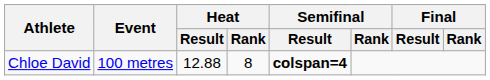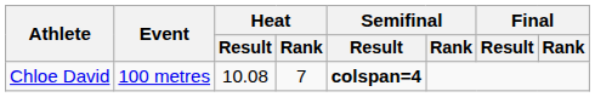 <table class="wikitable" style="font-size:90%">
 <tr>
 <th rowspan="2">Athlete</th>
 <th rowspan="2">Event</th>
 <th colspan="2">Heat</th>
 <th colspan="2">Semifinal</th>
 <th colspan="2">Final</th>
 </tr>
 <tr style="font-size:95%">
 <th>Result</th>
 <th>Rank</th>
 <th>Result</th>
 <th>Rank</th>
 <th>Result</th>
 <th>Rank</th>
 </tr>
 <tr align=center>
 <td align=left><a href='#'>Chloe David</a></td>
 <td align=left><a href='#'>100 metres</a></td>
-<td>12.88</td>
-<td>8</td>
+<td>10.08</td>
+<td>7</td>
 <td><strong>colspan=4 </strong></td>
 </tr>
 </table>
